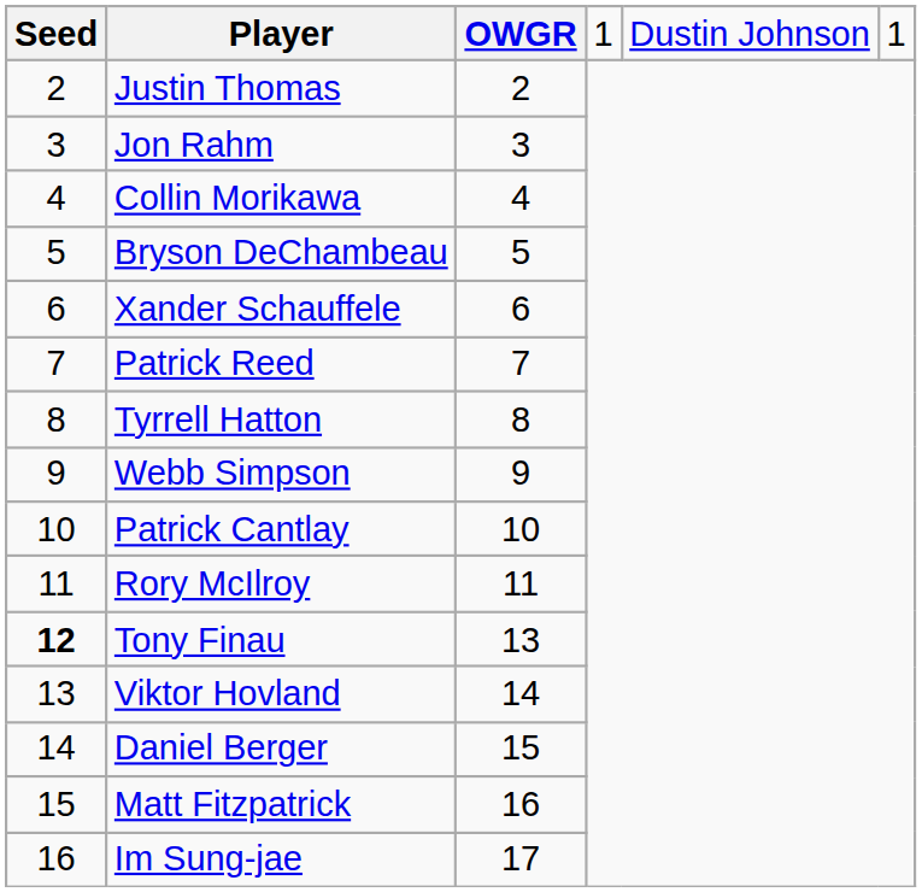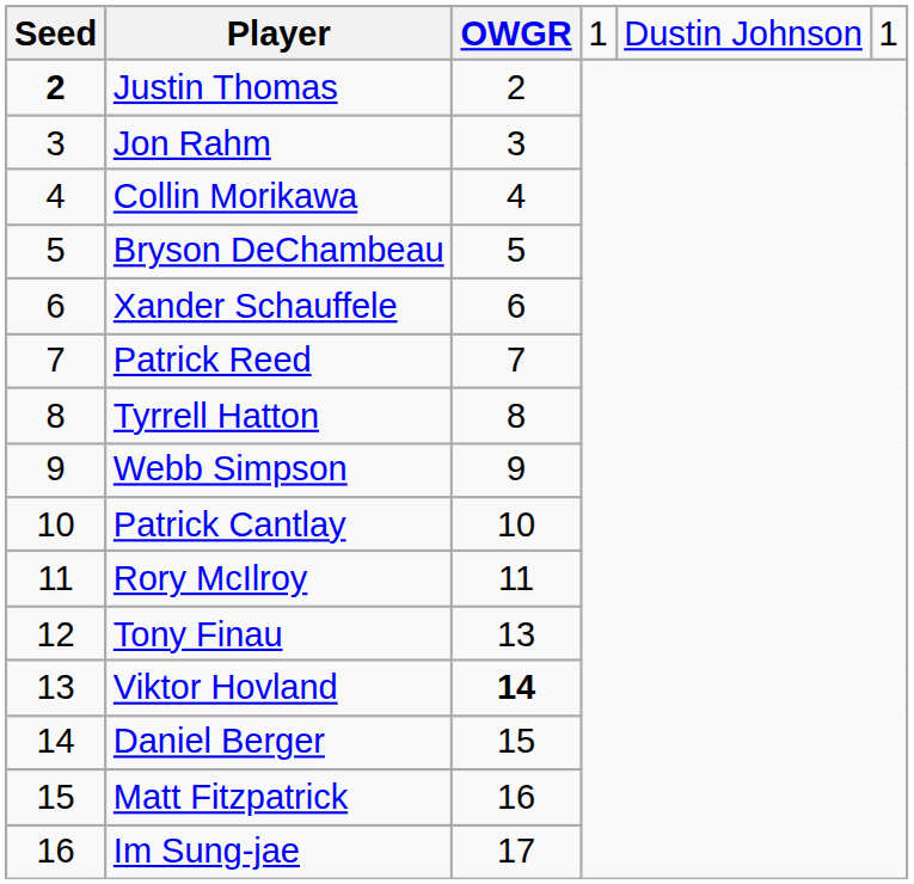 <table class=wikitable style=font-size:85%;text-align:center>
 <tr>
 <th>Seed</th>
 <th>Player</th>
 <th><a href='#'>OWGR</a></th>
 <td>1</td>
 <td style="text-align:left;"> <a href='#'>Dustin Johnson</a></td>
 <td>1</td>
 </tr>
 <tr>
-<td>2</td>
+<td><strong>2</strong></td>
 <td style="text-align:left;"> <a href='#'>Justin Thomas</a></td>
 <td>2</td>
 </tr>
 <tr>
 <td>3</td>
 <td style="text-align:left;"> <a href='#'>Jon Rahm</a></td>
 <td>3</td>
 </tr>
 <tr>
 <td>4</td>
 <td style="text-align:left;"> <a href='#'>Collin Morikawa</a></td>
 <td>4</td>
 </tr>
 <tr>
 <td>5</td>
 <td style="text-align:left;"> <a href='#'>Bryson DeChambeau</a></td>
 <td>5</td>
 </tr>
 <tr>
 <td>6</td>
 <td style="text-align:left;"> <a href='#'>Xander Schauffele</a></td>
 <td>6</td>
 </tr>
 <tr>
 <td>7</td>
 <td style="text-align:left;"> <a href='#'>Patrick Reed</a></td>
 <td>7</td>
 </tr>
 <tr>
 <td>8</td>
 <td style="text-align:left;"> <a href='#'>Tyrrell Hatton</a></td>
 <td>8</td>
 </tr>
 <tr>
 <td>9</td>
 <td style="text-align:left;"> <a href='#'>Webb Simpson</a></td>
 <td>9</td>
 </tr>
 <tr>
 <td>10</td>
 <td style="text-align:left;"> <a href='#'>Patrick Cantlay</a></td>
 <td>10</td>
 </tr>
 <tr>
 <td>11</td>
 <td style="text-align:left;"> <a href='#'>Rory McIlroy</a></td>
 <td>11</td>
 </tr>
 <tr>
-<td><strong>12</strong></td>
+<td>12</td>
 <td style="text-align:left;"> <a href='#'>Tony Finau</a></td>
 <td>13</td>
 </tr>
 <tr>
 <td>13</td>
 <td style="text-align:left;"> <a href='#'>Viktor Hovland</a></td>
-<td>14</td>
+<td><strong>14</strong></td>
 </tr>
 <tr>
 <td>14</td>
 <td style="text-align:left;"> <a href='#'>Daniel Berger</a></td>
 <td>15</td>
 </tr>
 <tr>
 <td>15</td>
 <td style="text-align:left;"> <a href='#'>Matt Fitzpatrick</a></td>
 <td>16</td>
 </tr>
 <tr>
 <td>16</td>
 <td style="text-align:left;"> <a href='#'>Im Sung-jae</a></td>
 <td>17</td>
 </tr>
 </table>
